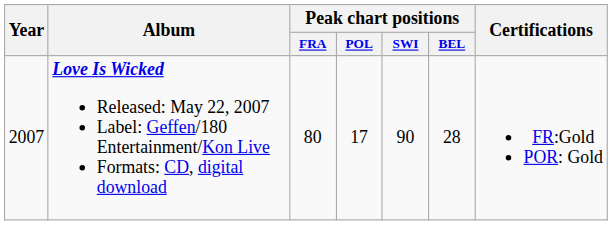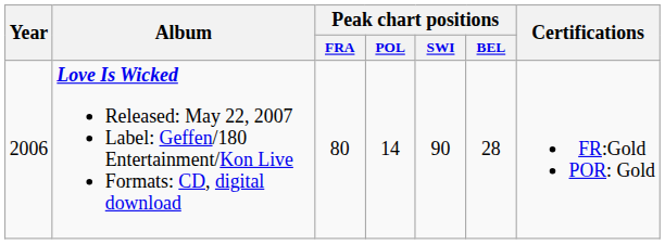 <table class="wikitable" style="text-align:center">
 <tr>
 <th rowspan=2>Year</th>
 <th width="210" rowspan=2>Album</th>
 <th colspan=4>Peak chart positions</th>
 <th rowspan=2>Certifications</th>
 </tr>
 <tr>
 <th style="width:3em;font-size:75%"><a href='#'>FRA</a></th>
 <th style="width:3em;font-size:75%"><a href='#'>POL</a></th>
 <th style="width:3em;font-size:75%"><a href='#'>SWI</a></th>
 <th style="width:3em;font-size:75%"><a href='#'>BEL</a></th>
 </tr>
 <tr>
-<td>2007</td>
+<td>2006</td>
 <td align="left"><strong><em><a href='#'>Love Is Wicked</a></em></strong><br><ul><li>Released: May 22, 2007</li><li>Label: <a href='#'>Geffen</a>/180 Entertainment/<a href='#'>Kon Live</a></li><li>Formats: <a href='#'>CD</a>, <a href='#'>digital download</a></li></ul></td>
 <td>80</td>
-<td>17</td>
+<td>14</td>
 <td>90</td>
 <td>28</td>
 <td><br><ul><li><a href='#'>FR</a>:Gold</li><li><a href='#'>POR</a>: Gold</li></ul></td>
 </tr>
 </table>
